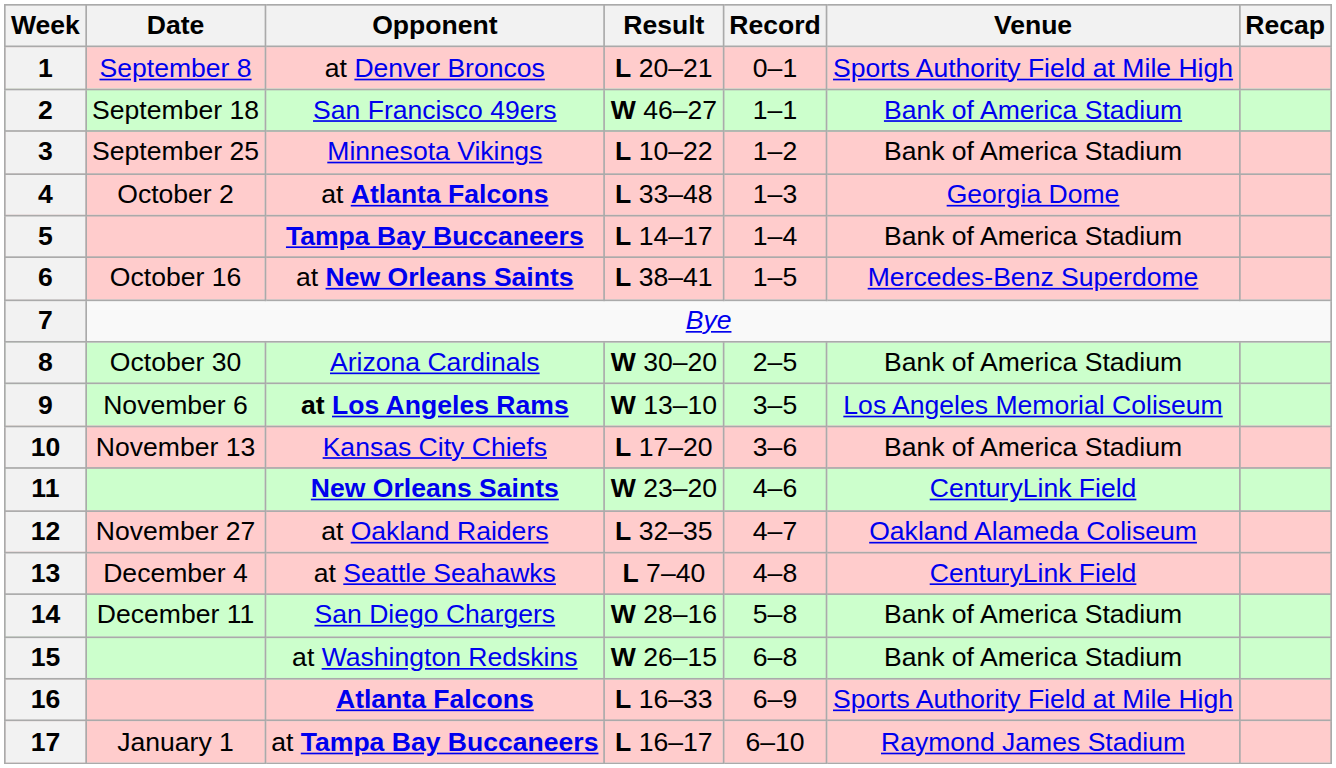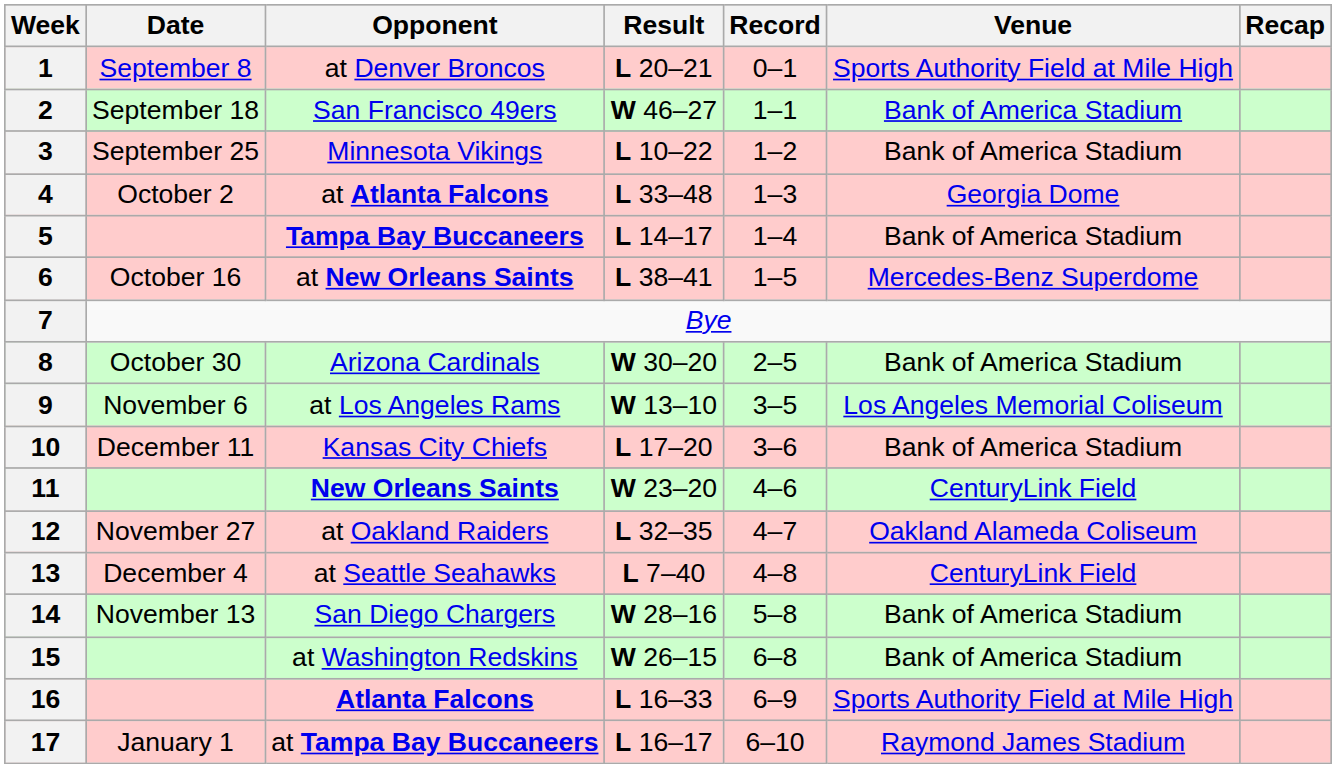 <table class="wikitable" style="text-align:center">
 <tr>
 <th>Week</th>
 <th>Date</th>
 <th>Opponent</th>
 <th>Result</th>
 <th>Record</th>
 <th>Venue</th>
 <th>Recap</th>
 </tr>
 <tr style="background:#fcc">
 <th>1</th>
 <td><a href='#'>September 8</a></td>
 <td>at <a href='#'>Denver Broncos</a></td>
 <td><strong>L</strong> 20–21</td>
 <td>0–1</td>
 <td><a href='#'>Sports Authority Field at Mile High</a></td>
 <td></td>
 </tr>
 <tr style="background:#cfc">
 <th>2</th>
 <td>September 18</td>
 <td><a href='#'>San Francisco 49ers</a></td>
 <td><strong>W</strong> 46–27</td>
 <td>1–1</td>
 <td><a href='#'>Bank of America Stadium</a></td>
 <td></td>
 </tr>
 <tr style="background:#fcc">
 <th>3</th>
 <td>September 25</td>
 <td><a href='#'>Minnesota Vikings</a></td>
 <td><strong>L</strong> 10–22</td>
 <td>1–2</td>
 <td>Bank of America Stadium</td>
 <td></td>
 </tr>
 <tr style="background:#fcc">
 <th>4</th>
 <td>October 2</td>
 <td>at <strong><a href='#'>Atlanta Falcons</a></strong></td>
 <td><strong>L</strong> 33–48</td>
 <td>1–3</td>
 <td><a href='#'>Georgia Dome</a></td>
 <td></td>
 </tr>
 <tr style="background:#fcc">
 <th>5</th>
 <td></td>
 <td><strong><a href='#'>Tampa Bay Buccaneers</a></strong></td>
 <td><strong>L</strong> 14–17</td>
 <td>1–4</td>
 <td>Bank of America Stadium</td>
 <td></td>
 </tr>
 <tr style="background:#fcc">
 <th>6</th>
 <td>October 16</td>
 <td>at <strong><a href='#'>New Orleans Saints</a></strong></td>
 <td><strong>L</strong> 38–41</td>
 <td>1–5</td>
 <td><a href='#'>Mercedes-Benz Superdome</a></td>
 <td></td>
 </tr>
 <tr>
 <th>7</th>
 <td colspan="6"><em><a href='#'>Bye</a></em></td>
 </tr>
 <tr style="background:#cfc">
 <th>8</th>
 <td>October 30</td>
 <td><a href='#'>Arizona Cardinals</a></td>
 <td><strong>W</strong> 30–20</td>
 <td>2–5</td>
 <td>Bank of America Stadium</td>
 <td></td>
 </tr>
 <tr style="background:#cfc">
 <th>9</th>
 <td>November 6</td>
-<td><strong>at <a href='#'>Los Angeles Rams</a></strong></td>
+<td>at <a href='#'>Los Angeles Rams</a></td>
 <td><strong>W</strong> 13–10</td>
 <td>3–5</td>
 <td><a href='#'>Los Angeles Memorial Coliseum</a></td>
 <td></td>
 </tr>
 <tr style="background:#fcc">
 <th>10</th>
-<td>November 13</td>
+<td>December 11</td>
 <td><a href='#'>Kansas City Chiefs</a></td>
 <td><strong>L</strong> 17–20</td>
 <td>3–6</td>
 <td>Bank of America Stadium</td>
 <td></td>
 </tr>
 <tr style="background:#cfc">
 <th>11</th>
 <td></td>
 <td><strong><a href='#'>New Orleans Saints</a></strong></td>
 <td><strong>W</strong> 23–20</td>
 <td>4–6</td>
 <td><a href='#'>CenturyLink Field</a></td>
 <td></td>
 </tr>
 <tr style="background:#fcc">
 <th>12</th>
 <td>November 27</td>
 <td>at <a href='#'>Oakland Raiders</a></td>
 <td><strong>L</strong> 32–35</td>
 <td>4–7</td>
 <td><a href='#'>Oakland Alameda Coliseum</a></td>
 <td></td>
 </tr>
 <tr style="background:#fcc">
 <th>13</th>
 <td>December 4</td>
 <td>at <a href='#'>Seattle Seahawks</a></td>
 <td><strong>L</strong> 7–40</td>
 <td>4–8</td>
 <td><a href='#'>CenturyLink Field</a></td>
 <td></td>
 </tr>
 <tr style="background:#cfc">
 <th>14</th>
-<td>December 11</td>
+<td>November 13</td>
 <td><a href='#'>San Diego Chargers</a></td>
 <td><strong>W</strong> 28–16</td>
 <td>5–8</td>
 <td>Bank of America Stadium</td>
 <td></td>
 </tr>
 <tr style="background:#cfc">
 <th>15</th>
 <td></td>
 <td>at <a href='#'>Washington Redskins</a></td>
 <td><strong>W</strong> 26–15</td>
 <td>6–8</td>
 <td>Bank of America Stadium</td>
 <td></td>
 </tr>
 <tr style="background:#fcc">
 <th>16</th>
 <td></td>
 <td><strong><a href='#'>Atlanta Falcons</a></strong></td>
 <td><strong>L</strong> 16–33</td>
 <td>6–9</td>
 <td><a href='#'>Sports Authority Field at Mile High</a></td>
 <td></td>
 </tr>
 <tr style="background:#fcc">
 <th>17</th>
 <td>January 1</td>
 <td>at <strong><a href='#'>Tampa Bay Buccaneers</a></strong></td>
 <td><strong>L</strong> 16–17</td>
 <td>6–10</td>
 <td><a href='#'>Raymond James Stadium</a></td>
 <td></td>
 </tr>
 </table>
